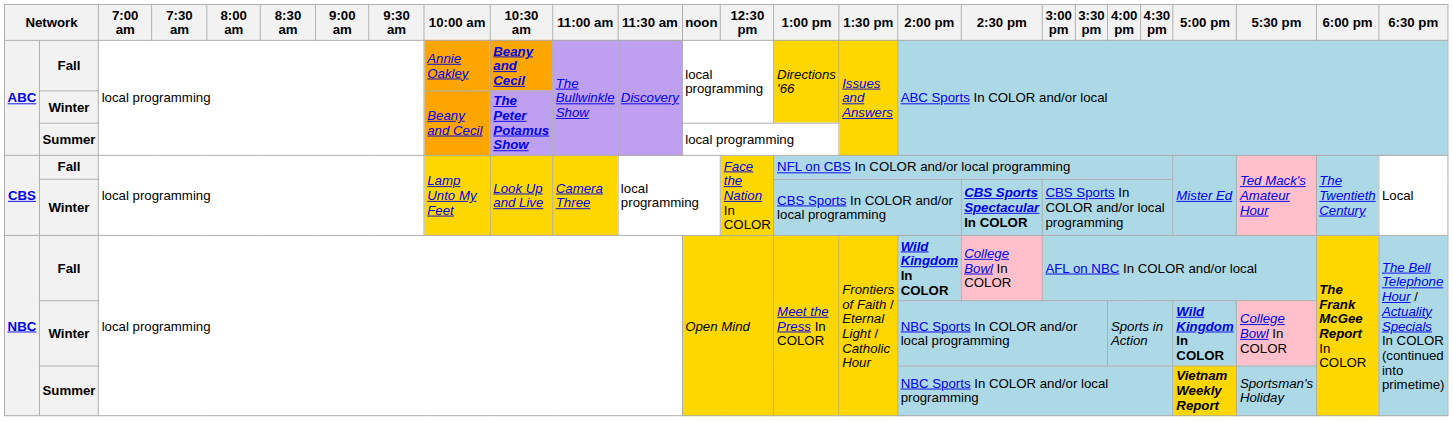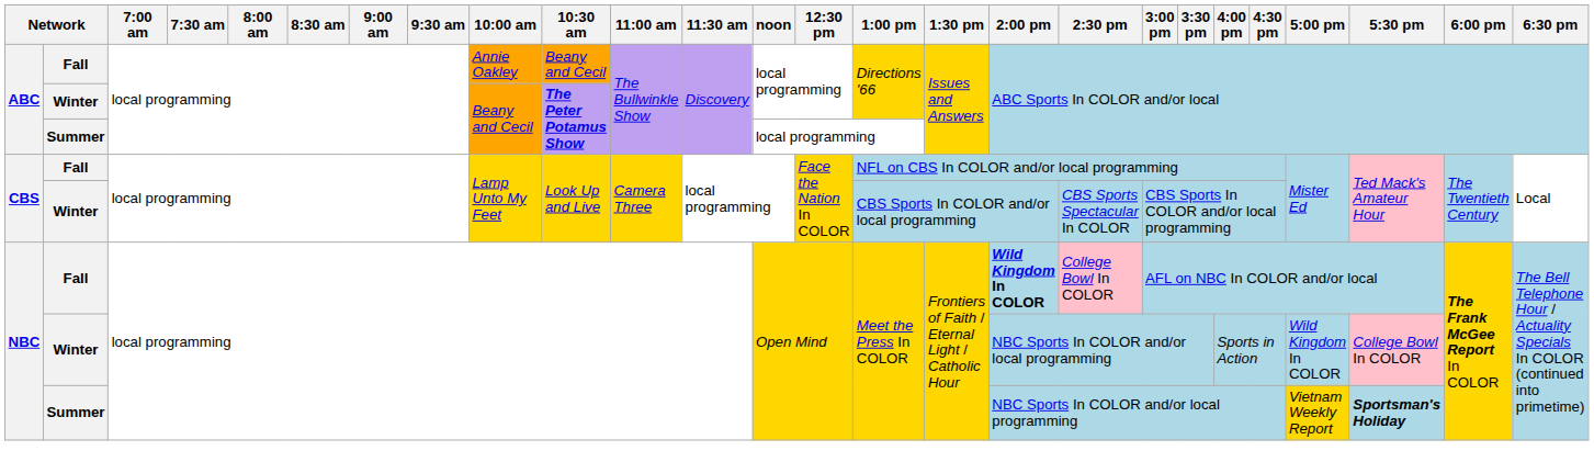 <table class=wikitable style="font-size:90%">
 <tr>
 <th width="1.5%" bgcolor="#C0C0C0" colspan="2">Network</th>
 <th width="13%" bgcolor="#C0C0C0">7:00 am</th>
 <th width="14%" bgcolor="#C0C0C0">7:30 am</th>
 <th width="13%" bgcolor="#C0C0C0">8:00 am</th>
 <th width="14%" bgcolor="#C0C0C0">8:30 am</th>
 <th width="13%" bgcolor="#C0C0C0">9:00 am</th>
 <th width="14%" bgcolor="#C0C0C0">9:30 am</th>
 <th width="13%" bgcolor="#C0C0C0">10:00 am</th>
 <th width="14%" bgcolor="#C0C0C0">10:30 am</th>
 <th width="13%" bgcolor="#C0C0C0">11:00 am</th>
 <th width="14%" bgcolor="#C0C0C0">11:30 am</th>
 <th width="13%" bgcolor="#C0C0C0">noon</th>
 <th width="14%" bgcolor="#C0C0C0">12:30 pm</th>
 <th width="13%" bgcolor="#C0C0C0">1:00 pm</th>
 <th width="14%" bgcolor="#C0C0C0">1:30 pm</th>
 <th width="13%" bgcolor="#C0C0C0">2:00 pm</th>
 <th width="14%" bgcolor="#C0C0C0">2:30 pm</th>
 <th width="13%" bgcolor="#C0C0C0">3:00 pm</th>
 <th width="14%" bgcolor="#C0C0C0">3:30 pm</th>
 <th width="13%" bgcolor="#C0C0C0">4:00 pm</th>
 <th width="14%" bgcolor="#C0C0C0">4:30 pm</th>
 <th width="13%" bgcolor="#C0C0C0">5:00 pm</th>
 <th width="14%" bgcolor="#C0C0C0">5:30 pm</th>
 <th width="13%" bgcolor="#C0C0C0">6:00 pm</th>
 <th width="14%" bgcolor="#C0C0C0">6:30 pm</th>
 </tr>
 <tr>
 <th bgcolor="#C0C0C0" rowspan=3><a href='#'>ABC</a></th>
 <th bgcolor=#C0C0C0>Fall</th>
 <td bgcolor="white" colspan="6"rowspan=3>local programming</td>
 <td bgcolor="orange"><em><a href='#'>Annie Oakley</a></em> </td>
-<td bgcolor="orange"><strong><em><a href='#'>Beany and Cecil</a></em> </strong></td>
+<td bgcolor="orange"><em><a href='#'>Beany and Cecil</a></em> </td>
 <td bgcolor="bf9fef" rowspan=3><em><a href='#'>The Bullwinkle Show</a></em> </td>
 <td bgcolor="bf9fef" rowspan=3><em><a href='#'>Discovery</a></em></td>
 <td bgcolor="white" colspan="2" rowspan=2>local programming</td>
 <td bgcolor="gold" rowspan=2><em>Directions '66</em></td>
 <td bgcolor="gold" rowspan=3><em><a href='#'>Issues and Answers</a></em></td>
 <td bgcolor="lightblue" colspan=10 rowspan=3><a href='#'>ABC Sports</a> In <span>C</span><span>O</span><span>L</span><span>O</span><span>R</span> and/or local</td>
 </tr>
 <tr>
 <th bgcolor=#C0C0C0>Winter</th>
 <td bgcolor="orange" rowspan=2><em><a href='#'>Beany and Cecil</a></em> </td>
 <td bgcolor="bf9fef" rowspan=2><strong><em><a href='#'>The Peter Potamus Show</a></em></strong></td>
 </tr>
 <tr>
 <th bgcolor=#C0C0C0>Summer</th>
 <td bgcolor="white" colspan="3">local programming</td>
 </tr>
 <tr>
 <th bgcolor="#C0C0C0" rowspan=2><a href='#'>CBS</a></th>
 <th bgcolor=#C0C0C0>Fall</th>
 <td bgcolor="white" colspan="6" rowspan=2>local programming</td>
 <td bgcolor=gold rowspan=2><em><a href='#'>Lamp Unto My Feet</a></em></td>
 <td bgcolor="gold" rowspan=2><em><a href='#'>Look Up and Live</a></em></td>
 <td bgcolor="gold" rowspan=2><em><a href='#'>Camera Three</a></em></td>
 <td bgcolor="white"colspan=2 rowspan=2>local programming</td>
 <td bgcolor="gold" rowspan=2><em><a href='#'>Face the Nation</a></em> In <span>C</span><span>O</span><span>L</span><span>O</span><span>R</span></td>
 <td bgcolor="lightblue" colspan=8><a href='#'>NFL on CBS</a> In <span>C</span><span>O</span><span>L</span><span>O</span><span>R</span> and/or local programming</td>
 <td bgcolor="lightblue" rowspan=2><em><a href='#'>Mister Ed</a></em></td>
 <td bgcolor="pink" rowspan=2><em><a href='#'>Ted Mack's Amateur Hour</a></em></td>
 <td bgcolor="lightblue" rowspan=2><em><a href='#'>The Twentieth Century</a></em></td>
 <td bgcolor=white colspan=1 rowspan=2>Local</td>
 </tr>
 <tr>
 <th bgcolor=#C0C0C0>Winter</th>
 <td bgcolor="lightblue" colspan=3><a href='#'>CBS Sports</a> In <span>C</span><span>O</span><span>L</span><span>O</span><span>R</span> and/or local programming</td>
-<td bgcolor="lightblue"><strong><em><a href='#'>CBS Sports Spectacular</a></em> In <span>C</span><span>O</span><span>L</span><span>O</span><span>R</span></strong></td>
+<td bgcolor="lightblue"><em><a href='#'>CBS Sports Spectacular</a></em> In <span>C</span><span>O</span><span>L</span><span>O</span><span>R</span></td>
 <td bgcolor="lightblue" colspan=4><a href='#'>CBS Sports</a> In <span>C</span><span>O</span><span>L</span><span>O</span><span>R</span> and/or local programming</td>
 </tr>
 <tr>
 <th bgcolor="#C0C0C0" rowspan=3><a href='#'>NBC</a></th>
 <th bgcolor=#C0C0C0>Fall</th>
 <td colspan="10" rowspan="3" bgcolor="white">local programming</td>
 <td colspan="2" rowspan="3" bgcolor="gold"><em>Open Mind</em></td>
 <td bgcolor="gold" rowspan=3><em><a href='#'>Meet the Press</a></em> In <span>C</span><span>O</span><span>L</span><span>O</span><span>R</span></td>
 <td bgcolor="gold" rowspan=3><em>Frontiers of Faith</em> / <em>Eternal Light</em> / <em>Catholic Hour</em></td>
 <td bgcolor="lightblue"><strong><em><a href='#'>Wild Kingdom</a></em> In <span>C</span><span>O</span><span>L</span><span>O</span><span>R</span></strong></td>
 <td bgcolor="pink"><em><a href='#'>College Bowl</a></em> In <span>C</span><span>O</span><span>L</span><span>O</span><span>R</span></td>
 <td bgcolor=lightblue colspan=6><a href='#'>AFL on NBC</a> In <span>C</span><span>O</span><span>L</span><span>O</span><span>R</span> and/or local</td>
 <td bgcolor=gold rowspan=3><strong><em>The Frank McGee Report</em></strong> In <span>C</span><span>O</span><span>L</span><span>O</span><span>R</span></td>
 <td bgcolor=lightblue rowspan=3><em><a href='#'>The Bell Telephone Hour</a></em> / <em><a href='#'>Actuality Specials</a></em> In <span>C</span><span>O</span><span>L</span><span>O</span><span>R</span> (continued into primetime)</td>
 </tr>
 <tr>
 <th bgcolor=#C0C0C0>Winter</th>
 <td bgcolor="lightblue" colspan=4><a href='#'>NBC Sports</a> In <span>C</span><span>O</span><span>L</span><span>O</span><span>R</span> and/or local programming</td>
 <td bgcolor="lightblue" colspan=2><em>Sports in Action</em></td>
-<td bgcolor="lightblue"><strong><em><a href='#'>Wild Kingdom</a></em> In <span>C</span><span>O</span><span>L</span><span>O</span><span>R</span></strong></td>
+<td bgcolor="lightblue"><em><a href='#'>Wild Kingdom</a></em> In <span>C</span><span>O</span><span>L</span><span>O</span><span>R</span></td>
 <td bgcolor="pink"><em><a href='#'>College Bowl</a></em> In <span>C</span><span>O</span><span>L</span><span>O</span><span>R</span></td>
 </tr>
 <tr>
 <th bgcolor=#C0C0C0>Summer</th>
 <td bgcolor="lightblue" colspan=6><a href='#'>NBC Sports</a> In <span>C</span><span>O</span><span>L</span><span>O</span><span>R</span> and/or local programming</td>
-<td bgcolor="gold"><strong><em>Vietnam Weekly Report</em></strong></td>
-<td bgcolor=lightblue><em>Sportsman's Holiday</em></td>
+<td bgcolor="gold"><em>Vietnam Weekly Report</em></td>
+<td bgcolor=lightblue><strong><em>Sportsman's Holiday</em></strong></td>
 </tr>
 </table>
